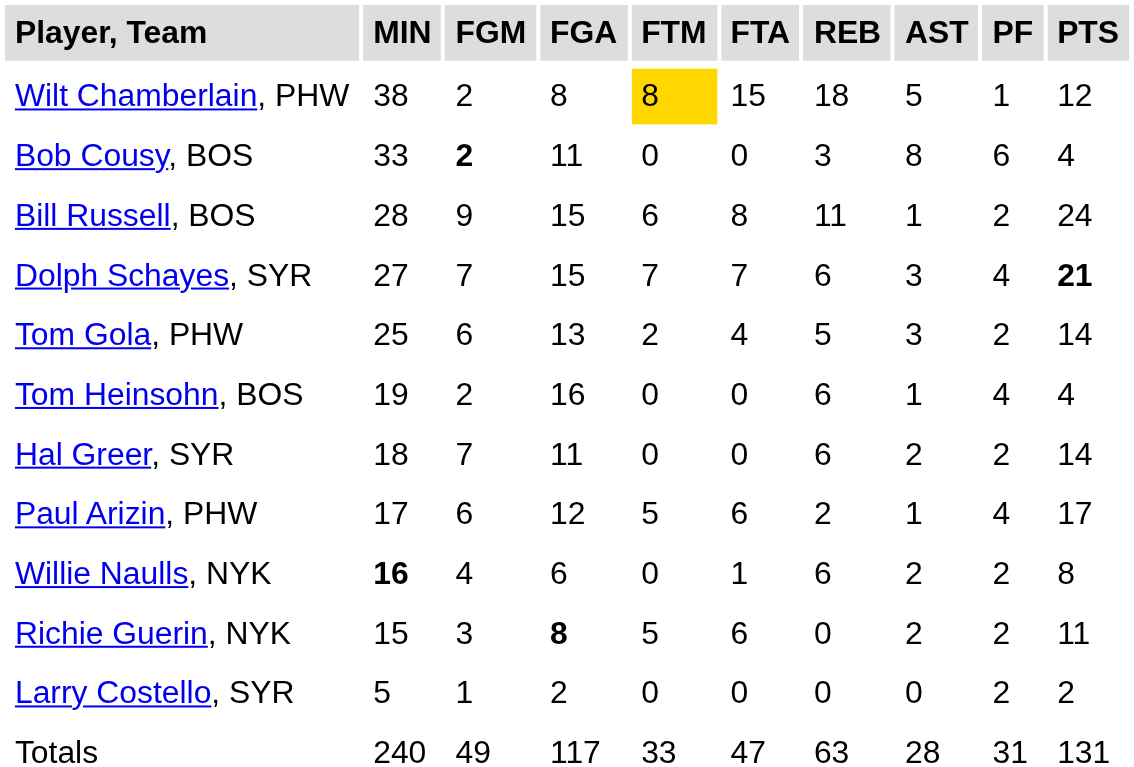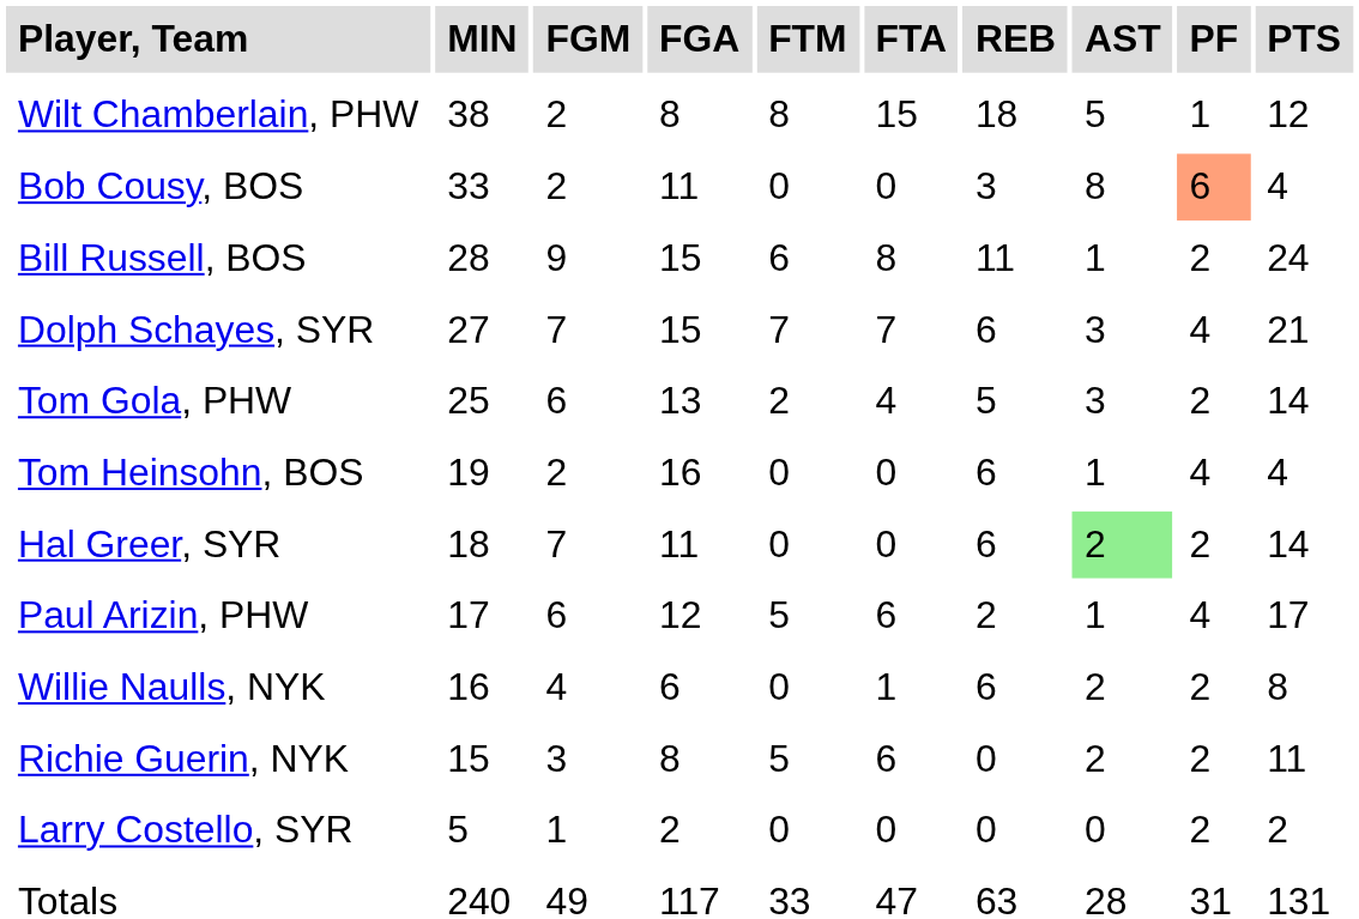 <table cellpadding=5>
 <tr bgcolor="#dddddd">
 <td><strong>Player, Team</strong></td>
 <td><strong>MIN</strong></td>
 <td><strong>FGM</strong></td>
 <td><strong>FGA</strong></td>
 <td><strong>FTM</strong></td>
 <td><strong>FTA</strong></td>
 <td><strong>REB</strong></td>
 <td><strong>AST</strong></td>
 <td><strong>PF</strong></td>
 <td><strong>PTS</strong></td>
 </tr>
 <tr bgcolor="#eeeeee">
 </tr>
 <tr>
 <td><a href='#'>Wilt Chamberlain</a>, PHW</td>
 <td>38</td>
 <td>2</td>
 <td>8</td>
-<td style="background: gold;">8</td>
+<td>8</td>
 <td>15</td>
 <td>18</td>
 <td>5</td>
 <td>1</td>
 <td>12</td>
 </tr>
 <tr>
 <td><a href='#'>Bob Cousy</a>, BOS</td>
 <td>33</td>
-<td><strong>2</strong></td>
+<td>2</td>
 <td>11</td>
 <td>0</td>
 <td>0</td>
 <td>3</td>
 <td>8</td>
-<td>6</td>
+<td style="background: lightsalmon;">6</td>
 <td>4</td>
 </tr>
 <tr>
 <td><a href='#'>Bill Russell</a>, BOS</td>
 <td>28</td>
 <td>9</td>
 <td>15</td>
 <td>6</td>
 <td>8</td>
 <td>11</td>
 <td>1</td>
 <td>2</td>
 <td>24</td>
 </tr>
 <tr>
 <td><a href='#'>Dolph Schayes</a>, SYR</td>
 <td>27</td>
 <td>7</td>
 <td>15</td>
 <td>7</td>
 <td>7</td>
 <td>6</td>
 <td>3</td>
 <td>4</td>
-<td><strong>21</strong></td>
+<td>21</td>
 </tr>
 <tr>
 <td><a href='#'>Tom Gola</a>, PHW</td>
 <td>25</td>
 <td>6</td>
 <td>13</td>
 <td>2</td>
 <td>4</td>
 <td>5</td>
 <td>3</td>
 <td>2</td>
 <td>14</td>
 </tr>
 <tr>
 <td><a href='#'>Tom Heinsohn</a>, BOS</td>
 <td>19</td>
 <td>2</td>
 <td>16</td>
 <td>0</td>
 <td>0</td>
 <td>6</td>
 <td>1</td>
 <td>4</td>
 <td>4</td>
 </tr>
 <tr>
 <td><a href='#'>Hal Greer</a>, SYR</td>
 <td>18</td>
 <td>7</td>
 <td>11</td>
 <td>0</td>
 <td>0</td>
 <td>6</td>
-<td>2</td>
+<td style="background: lightgreen;">2</td>
 <td>2</td>
 <td>14</td>
 </tr>
 <tr>
 <td><a href='#'>Paul Arizin</a>, PHW</td>
 <td>17</td>
 <td>6</td>
 <td>12</td>
 <td>5</td>
 <td>6</td>
 <td>2</td>
 <td>1</td>
 <td>4</td>
 <td>17</td>
 </tr>
 <tr>
 <td><a href='#'>Willie Naulls</a>, NYK</td>
-<td><strong>16</strong></td>
+<td>16</td>
 <td>4</td>
 <td>6</td>
 <td>0</td>
 <td>1</td>
 <td>6</td>
 <td>2</td>
 <td>2</td>
 <td>8</td>
 </tr>
 <tr>
 <td><a href='#'>Richie Guerin</a>, NYK</td>
 <td>15</td>
 <td>3</td>
-<td><strong>8</strong></td>
+<td>8</td>
 <td>5</td>
 <td>6</td>
 <td>0</td>
 <td>2</td>
 <td>2</td>
 <td>11</td>
 </tr>
 <tr>
 <td><a href='#'>Larry Costello</a>, SYR</td>
 <td>5</td>
 <td>1</td>
 <td>2</td>
 <td>0</td>
 <td>0</td>
 <td>0</td>
 <td>0</td>
 <td>2</td>
 <td>2</td>
 </tr>
 <tr>
 <td>Totals</td>
 <td>240</td>
 <td>49</td>
 <td>117</td>
 <td>33</td>
 <td>47</td>
 <td>63</td>
 <td>28</td>
 <td>31</td>
 <td>131</td>
 </tr>
 <tr>
 </tr>
 </table>
